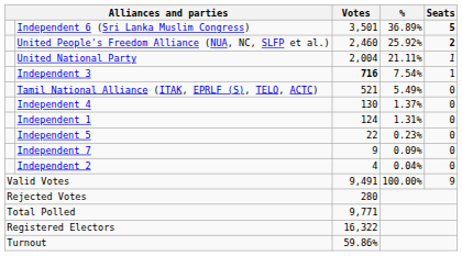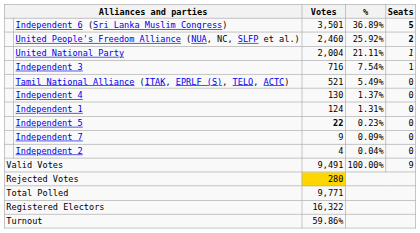 <table class="wikitable" border="1" style="text-align:right;">
 <tr>
 <th valign=bottom align=left colspan=2>Alliances and parties</th>
 <th valign=bottom align=center width="60">Votes</th>
 <th valign=bottom align=center width="50">%</th>
 <th valign=bottom align=center>Seats</th>
 </tr>
 <tr>
 <td bgcolor=> </td>
 <td align=left><a href='#'>Independent 6</a> (<a href='#'>Sri Lanka Muslim Congress</a>)</td>
 <td>3,501</td>
 <td>36.89%</td>
 <td><strong>5</strong></td>
 </tr>
 <tr>
 <td bgcolor=> </td>
 <td align=left><a href='#'>United People's Freedom Alliance</a> (<a href='#'>NUA</a>, NC, <a href='#'>SLFP</a> et al.)</td>
 <td>2,460</td>
 <td>25.92%</td>
 <td><strong>2</strong></td>
 </tr>
 <tr>
 <td bgcolor=> </td>
 <td align=left><a href='#'>United National Party</a></td>
 <td>2,004</td>
 <td>21.11%</td>
 <td><em>1<strong></td>
 </tr>
 <tr>
 <td></td>
 <td align=left><a href='#'>Independent 3</a></td>
-<td><strong>716</strong></td>
+<td>716</td>
 <td>7.54%</td>
 <td></strong>1<strong></td>
 </tr>
 <tr>
 <td bgcolor=> </td>
 <td align=left><a href='#'>Tamil National Alliance</a> (<a href='#'>ITAK</a>, <a href='#'>EPRLF (S)</a>, <a href='#'>TELO</a>, <a href='#'>ACTC</a>)</td>
 <td>521</td>
 <td>5.49%</td>
 <td></strong>0<strong></td>
 </tr>
 <tr>
 <td></td>
 <td align=left><a href='#'>Independent 4</a></td>
 <td>130</td>
 <td>1.37%</td>
 <td></strong>0<strong></td>
 </tr>
 <tr>
 <td></td>
 <td align=left><a href='#'>Independent 1</a></td>
 <td>124</td>
 <td>1.31%</td>
 <td></strong>0<strong></td>
 </tr>
 <tr>
 <td></td>
 <td align=left><a href='#'>Independent 5</a></td>
-<td>22</td>
+<td><strong>22</strong></td>
 <td>0.23%</td>
 <td></strong>0<strong></td>
 </tr>
 <tr>
 <td></td>
 <td align=left><a href='#'>Independent 7</a></td>
 <td>9</td>
 <td>0.09%</td>
 <td></strong>0<strong></td>
 </tr>
 <tr>
 <td></td>
 <td align=left><a href='#'>Independent 2</a></td>
 <td>4</td>
 <td>0.04%</td>
 <td></strong>0<strong></td>
 </tr>
 <tr>
 <td colspan=2 align=left></strong>Valid Votes<strong></td>
 <td></strong>9,491<strong></td>
 <td></strong>100.00%<strong></td>
 <td></strong>9<strong></td>
 </tr>
 <tr>
 <td colspan=2 align=left>Rejected Votes</td>
-<td>280</td>
+<td style="background: gold;">280</td>
 <td colspan=2></td>
 </tr>
 <tr>
 <td colspan=2 align=left>Total Polled</td>
 <td>9,771</td>
 <td colspan=2></td>
 </tr>
 <tr>
 <td colspan=2 align=left>Registered Electors</td>
 <td>16,322</td>
 <td colspan=2></td>
 </tr>
 <tr>
 <td colspan=2 align=left>Turnout</td>
 <td>59.86%</td>
 <td colspan=2></td>
 </tr>
 </table>
